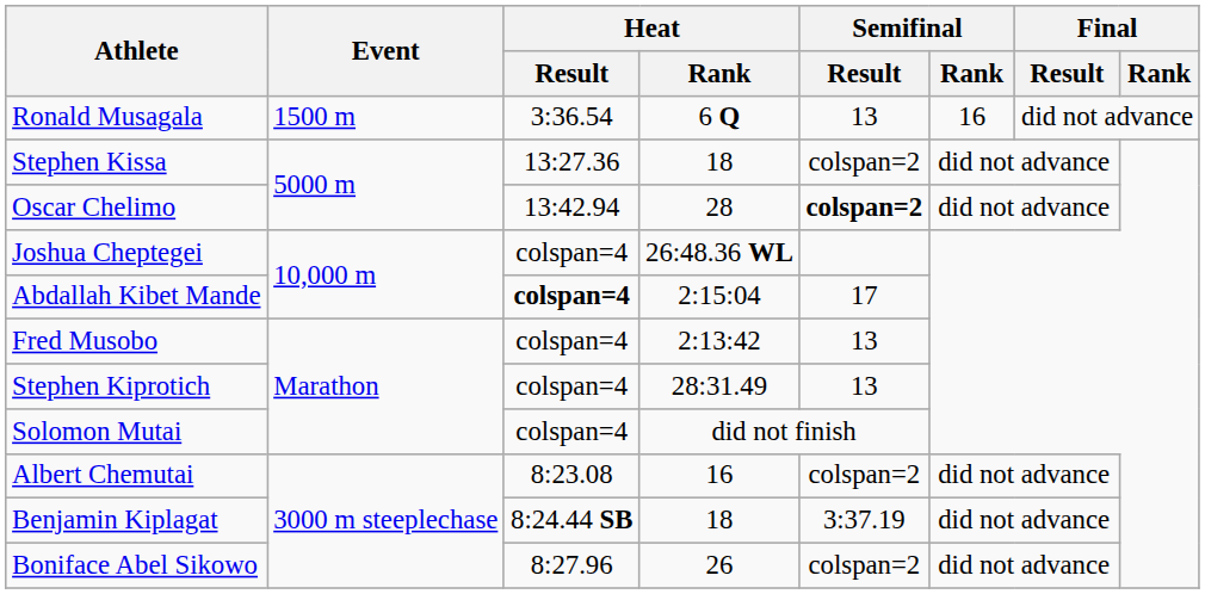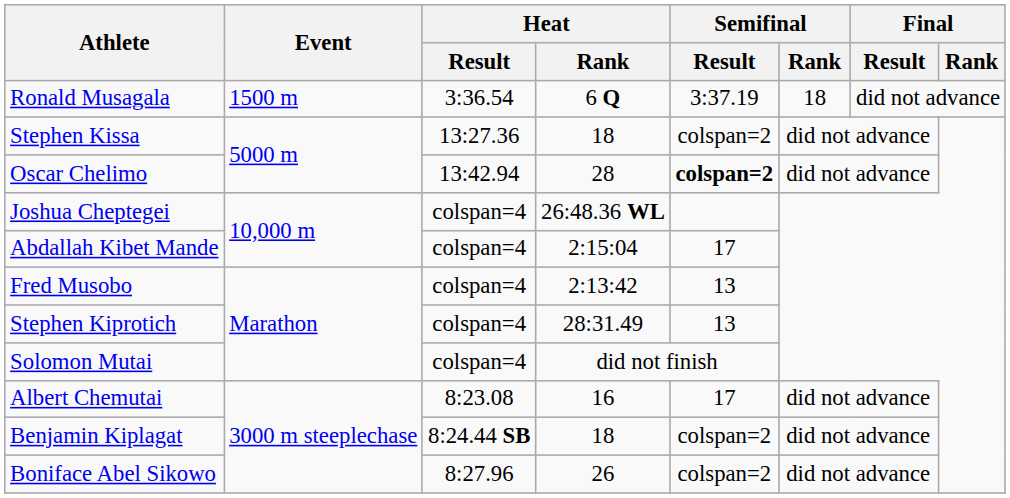 <table class="wikitable"  style=font-size:90%>
 <tr>
 <th rowspan="2">Athlete</th>
 <th rowspan="2">Event</th>
 <th colspan="2">Heat</th>
 <th colspan="2">Semifinal</th>
 <th colspan="2">Final</th>
 </tr>
 <tr>
 <th>Result</th>
 <th>Rank</th>
 <th>Result</th>
 <th>Rank</th>
 <th>Result</th>
 <th>Rank</th>
 </tr>
 <tr style=text-align:center>
 <td style=text-align:left><a href='#'>Ronald Musagala</a></td>
 <td style=text-align:left><a href='#'>1500 m</a></td>
 <td>3:36.54</td>
 <td>6 <strong>Q</strong></td>
-<td>13</td>
-<td>16</td>
+<td>3:37.19</td>
+<td>18</td>
 <td colspan=2>did not advance</td>
 </tr>
 <tr style=text-align:center>
 <td style=text-align:left><a href='#'>Stephen Kissa</a></td>
 <td style=text-align:left rowspan=2><a href='#'>5000 m</a></td>
 <td>13:27.36</td>
 <td>18</td>
 <td>colspan=2</td>
 <td colspan=2>did not advance</td>
 </tr>
 <tr style=text-align:center>
 <td style=text-align:left><a href='#'>Oscar Chelimo</a></td>
 <td>13:42.94</td>
 <td>28</td>
 <td><strong>colspan=2</strong></td>
 <td colspan=2>did not advance</td>
 </tr>
 <tr style=text-align:center>
 <td style=text-align:left><a href='#'>Joshua Cheptegei</a></td>
 <td style=text-align:left rowspan=2><a href='#'>10,000 m</a></td>
 <td>colspan=4</td>
 <td>26:48.36 <strong>WL</strong></td>
 <td></td>
 </tr>
 <tr style=text-align:center>
 <td style=text-align:left><a href='#'>Abdallah Kibet Mande</a></td>
-<td><strong>colspan=4</strong></td>
+<td>colspan=4</td>
 <td>2:15:04</td>
 <td>17</td>
 </tr>
 <tr style=text-align:center>
 <td style=text-align:left><a href='#'>Fred Musobo</a></td>
 <td style=text-align:left rowspan=3><a href='#'>Marathon</a></td>
 <td>colspan=4</td>
 <td>2:13:42</td>
 <td>13</td>
 </tr>
 <tr style=text-align:center>
 <td style=text-align:left><a href='#'>Stephen Kiprotich</a></td>
 <td>colspan=4</td>
 <td>28:31.49</td>
 <td>13</td>
 </tr>
 <tr style=text-align:center>
 <td style=text-align:left><a href='#'>Solomon Mutai</a></td>
 <td>colspan=4</td>
 <td colspan=2>did not finish</td>
 </tr>
 <tr style=text-align:center>
 <td style=text-align:left><a href='#'>Albert Chemutai</a></td>
 <td style=text-align:left rowspan=3><a href='#'>3000 m steeplechase</a></td>
 <td>8:23.08</td>
 <td>16</td>
-<td>colspan=2</td>
+<td>17</td>
 <td colspan=2>did not advance</td>
 </tr>
 <tr style=text-align:center>
 <td style=text-align:left><a href='#'>Benjamin Kiplagat</a></td>
 <td>8:24.44 <strong>SB</strong></td>
 <td>18</td>
-<td>3:37.19</td>
+<td>colspan=2</td>
 <td colspan=2>did not advance</td>
 </tr>
 <tr style=text-align:center>
 <td style=text-align:left><a href='#'>Boniface Abel Sikowo</a></td>
 <td>8:27.96</td>
 <td>26</td>
 <td>colspan=2</td>
 <td colspan=2>did not advance</td>
 </tr>
 </table>
